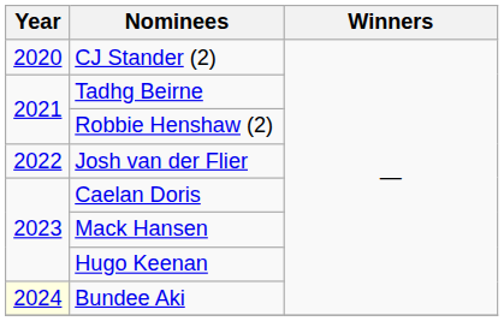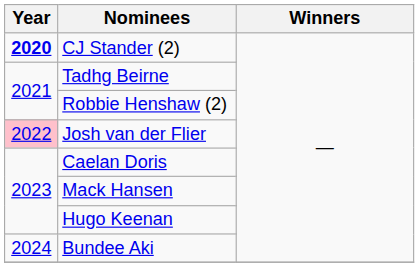 <table class="wikitable">
 <tr>
 <th width=40>Year</th>
 <th width=150>Nominees</th>
 <th width=150>Winners</th>
 </tr>
 <tr>
-<td align=center><a href='#'>2020</a></td>
+<td align=center><strong><a href='#'>2020</a></strong></td>
 <td><a href='#'>CJ Stander</a> (2)</td>
 <td align=center rowspan=8>—</td>
 </tr>
 <tr>
 <td align=center rowspan=2><a href='#'>2021</a></td>
 <td><a href='#'>Tadhg Beirne</a></td>
 </tr>
 <tr>
 <td><a href='#'>Robbie Henshaw</a> (2)</td>
 </tr>
 <tr>
-<td align=center><a href='#'>2022</a></td>
+<td align=center style="background: pink;"><a href='#'>2022</a></td>
 <td><a href='#'>Josh van der Flier</a></td>
 </tr>
 <tr>
 <td align=center rowspan=3><a href='#'>2023</a></td>
 <td><a href='#'>Caelan Doris</a></td>
 </tr>
 <tr>
 <td><a href='#'>Mack Hansen</a></td>
 </tr>
 <tr>
 <td><a href='#'>Hugo Keenan</a></td>
 </tr>
 <tr>
-<td align=center style="background: lightyellow;"><a href='#'>2024</a></td>
+<td align=center><a href='#'>2024</a></td>
 <td><a href='#'>Bundee Aki</a></td>
 </tr>
 <tr>
 </tr>
 </table>
